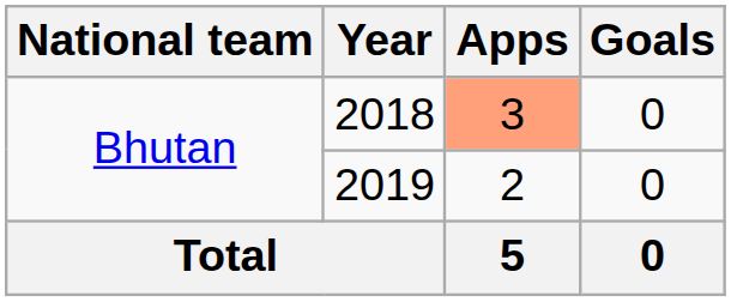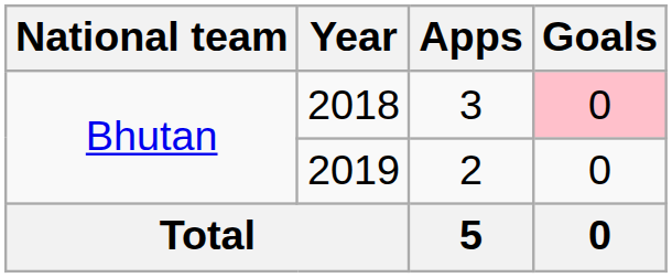 <table class="wikitable" style="text-align:center">
 <tr>
 <th>National team</th>
 <th>Year</th>
 <th>Apps</th>
 <th>Goals</th>
 </tr>
 <tr>
 <td rowspan="2"><a href='#'>Bhutan</a></td>
 <td>2018</td>
-<td style="background: lightsalmon;">3</td>
-<td>0</td>
+<td>3</td>
+<td style="background: pink;">0</td>
 </tr>
 <tr>
 <td>2019</td>
 <td>2</td>
 <td>0</td>
 </tr>
 <tr>
 <th colspan=2>Total</th>
 <th>5</th>
 <th>0</th>
 </tr>
 </table>
